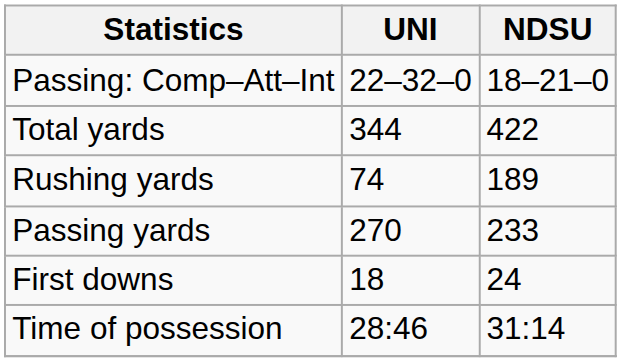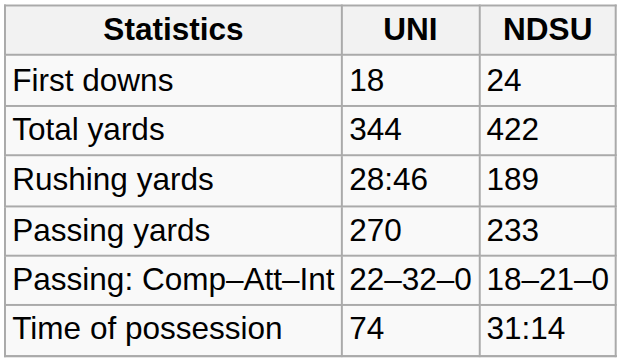 <table class="wikitable" style="float: left;">
 <tr>
 <th>Statistics</th>
 <th>UNI</th>
 <th>NDSU</th>
 </tr>
 <tr>
-<td>Passing: Comp–Att–Int</td>
-<td>22–32–0</td>
-<td>18–21–0</td>
+<td>First downs</td>
+<td>18</td>
+<td>24</td>
 </tr>
 <tr>
 <td>Total yards</td>
 <td>344</td>
 <td>422</td>
 </tr>
 <tr>
 <td>Rushing yards</td>
-<td>74</td>
+<td>28:46</td>
 <td>189</td>
 </tr>
 <tr>
 <td>Passing yards</td>
 <td>270</td>
 <td>233</td>
 </tr>
 <tr>
-<td>First downs</td>
-<td>18</td>
-<td>24</td>
+<td>Passing: Comp–Att–Int</td>
+<td>22–32–0</td>
+<td>18–21–0</td>
 </tr>
 <tr>
 <td>Time of possession</td>
-<td>28:46</td>
+<td>74</td>
 <td>31:14</td>
 </tr>
 <tr>
 </tr>
 </table>
